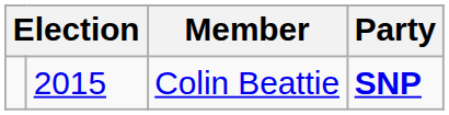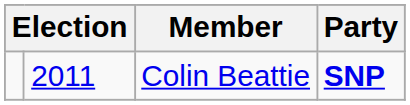 <table class="wikitable">
 <tr>
 <th colspan="2">Election</th>
 <th>Member</th>
 <th>Party</th>
 </tr>
 <tr>
 <td style="background-color: "></td>
-<td><a href='#'>2015</a></td>
+<td><a href='#'>2011</a></td>
 <td><a href='#'>Colin Beattie</a></td>
 <td><strong><a href='#'>SNP</a></strong></td>
 </tr>
 </table>
